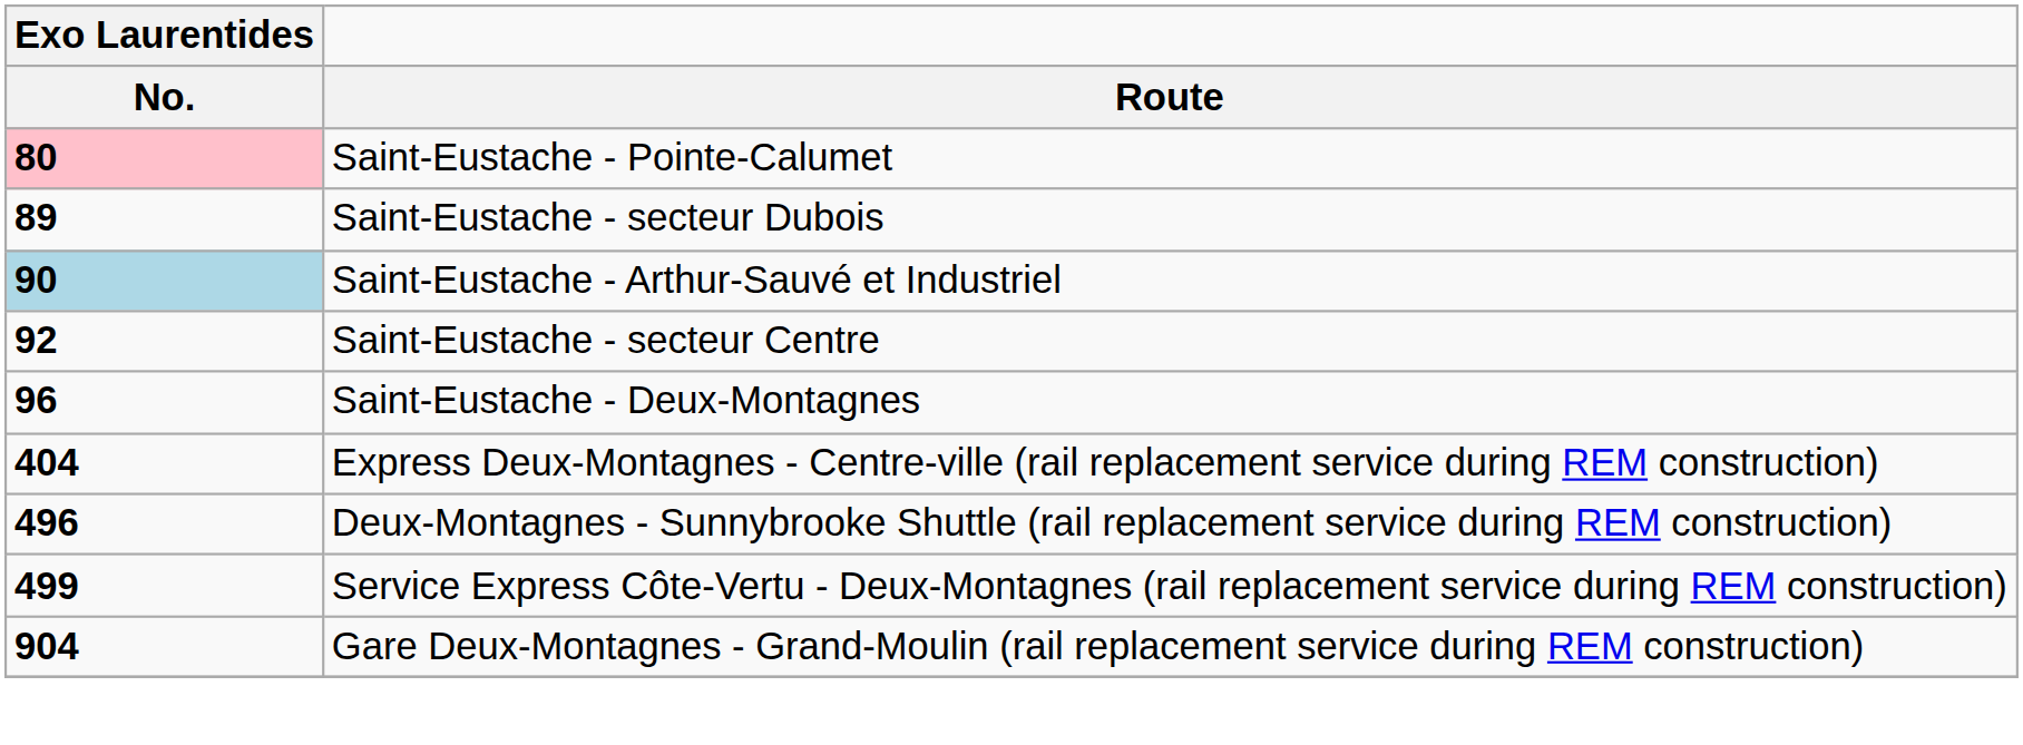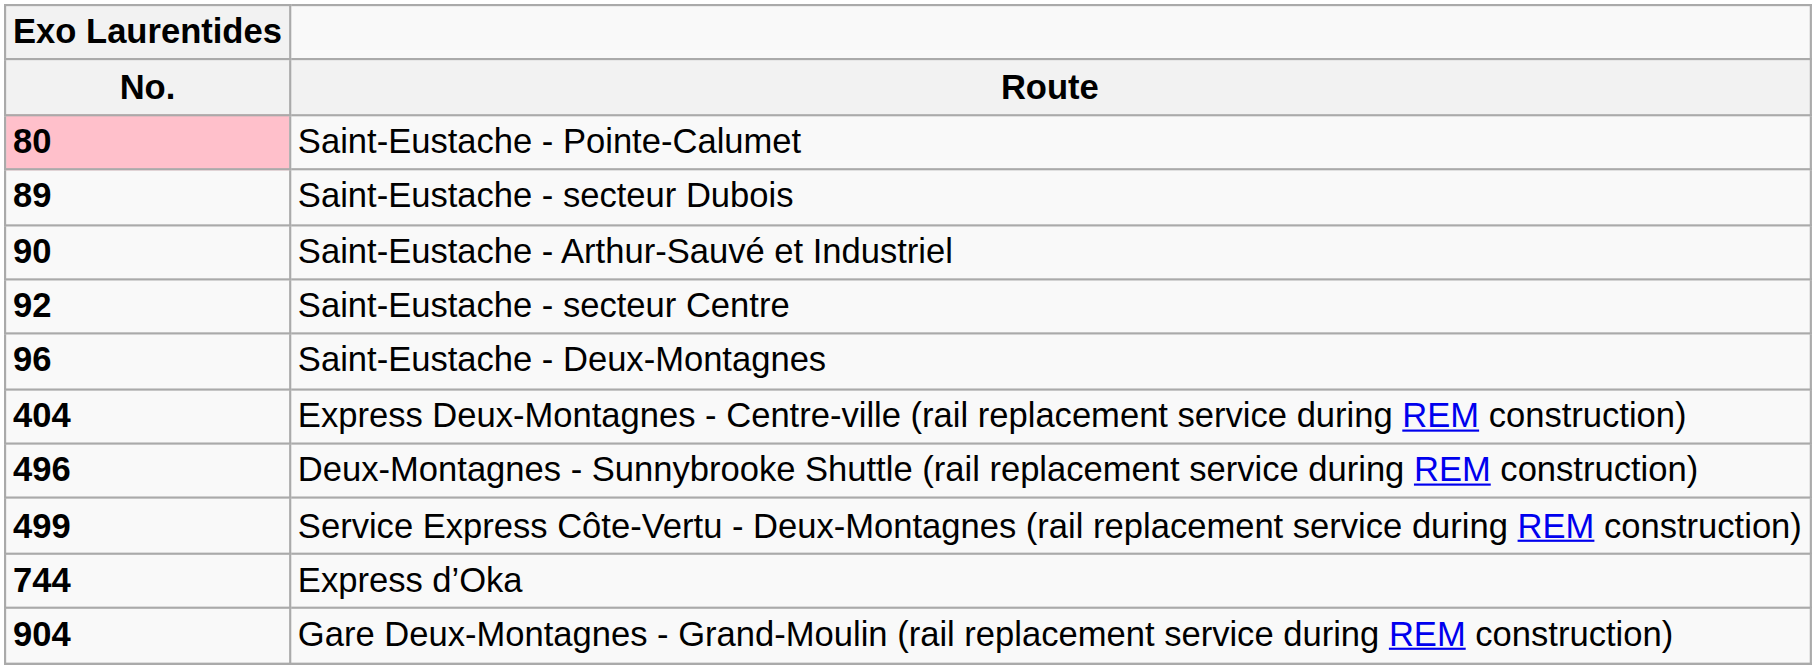 <table class="wikitable">
 <tr>
 <th style="background: #">Exo Laurentides</th>
 </tr>
 <tr>
 <th>No.</th>
 <th>Route</th>
 </tr>
 <tr>
 <td {{border style="background: pink;"> <strong>80</strong></td>
 <td>Saint-Eustache - Pointe-Calumet</td>
 </tr>
 <tr>
 <td {{border> <strong>89</strong></td>
 <td>Saint-Eustache - secteur Dubois</td>
 </tr>
 <tr>
-<td {{border style="background: lightblue;"> <strong>90</strong></td>
+<td {{border> <strong>90</strong></td>
 <td>Saint-Eustache - Arthur-Sauvé et Industriel</td>
 </tr>
 <tr>
 <td {{border> <strong>92</strong></td>
 <td>Saint-Eustache - secteur Centre</td>
 </tr>
 <tr>
 <td {{border> <strong>96</strong></td>
 <td>Saint-Eustache - Deux-Montagnes</td>
 </tr>
 <tr>
 <td {{border> <strong>404</strong></td>
 <td>Express Deux-Montagnes - Centre-ville (rail replacement service during <a href='#'>REM</a> construction)</td>
 </tr>
 <tr>
 <td {{border> <strong>496</strong></td>
 <td>Deux-Montagnes - Sunnybrooke Shuttle (rail replacement service during <a href='#'>REM</a> construction)</td>
 </tr>
 <tr>
 <td {{border> <strong>499</strong></td>
 <td>Service Express Côte-Vertu - Deux-Montagnes (rail replacement service during <a href='#'>REM</a> construction)</td>
 </tr>
 <tr>
+<td {{border> <strong>744</strong></td>
+<td>Express d’Oka</td>
+</tr>
+<tr>
 <td {{border> <strong>904</strong></td>
 <td>Gare Deux-Montagnes - Grand-Moulin (rail replacement service during <a href='#'>REM</a> construction)</td>
 </tr>
 <tr>
 </tr>
 </table>
